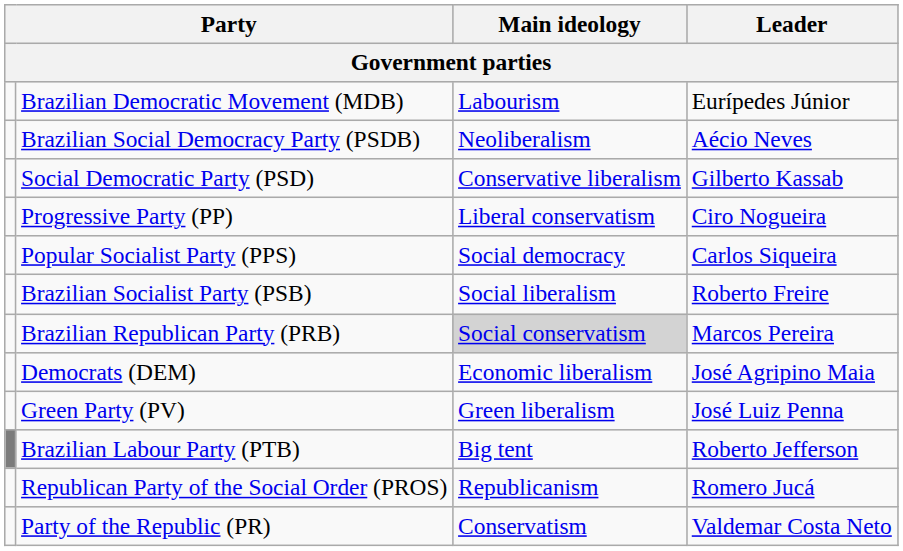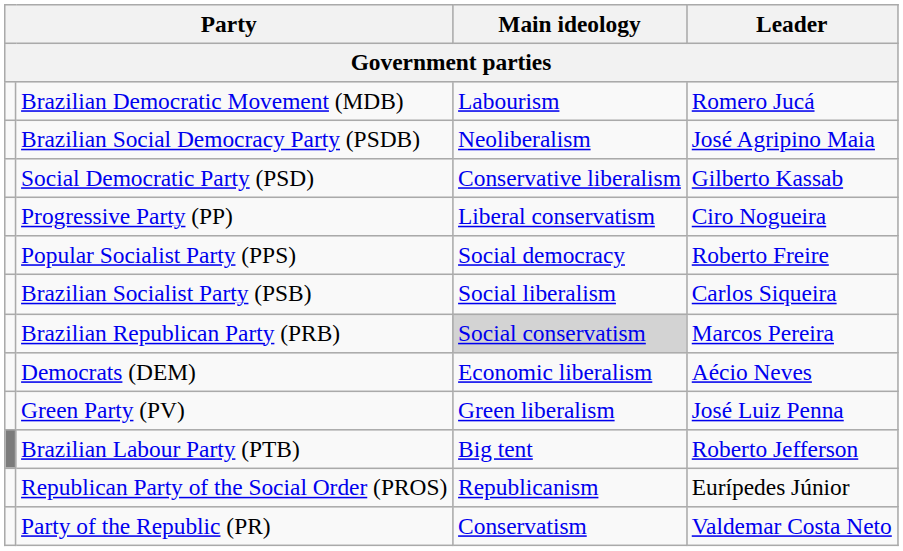 <table class="wikitable" style="font-size:95%">
 <tr>
 <th colspan=2>Party</th>
 <th>Main ideology</th>
 <th>Leader</th>
 </tr>
 <tr>
 <th colspan=5>Government parties</th>
 </tr>
 <tr>
 <td style="color:inherit;background:"></td>
 <td><a href='#'>Brazilian Democratic Movement</a> (MDB)</td>
 <td><a href='#'>Labourism</a></td>
-<td>Eurípedes Júnior</td>
+<td><a href='#'>Romero Jucá</a></td>
 </tr>
 <tr>
 <td style="color:inherit;background:"></td>
 <td><a href='#'>Brazilian Social Democracy Party</a> (PSDB)</td>
 <td><a href='#'>Neoliberalism</a></td>
-<td><a href='#'>Aécio Neves</a></td>
+<td><a href='#'>José Agripino Maia</a></td>
 </tr>
 <tr>
 <td style="color:inherit;background:"></td>
 <td><a href='#'>Social Democratic Party</a> (PSD)</td>
 <td><a href='#'>Conservative liberalism</a></td>
 <td><a href='#'>Gilberto Kassab</a></td>
 </tr>
 <tr>
 <td style="color:inherit;background:"></td>
 <td><a href='#'>Progressive Party</a> (PP)</td>
 <td><a href='#'>Liberal conservatism</a></td>
 <td><a href='#'>Ciro Nogueira</a></td>
 </tr>
 <tr>
 <td style="color:inherit;background:"></td>
 <td><a href='#'>Popular Socialist Party</a> (PPS)</td>
 <td><a href='#'>Social democracy</a></td>
-<td><a href='#'>Carlos Siqueira</a></td>
+<td><a href='#'>Roberto Freire</a></td>
 </tr>
 <tr>
 <td style="color:inherit;background:"></td>
 <td><a href='#'>Brazilian Socialist Party</a> (PSB)</td>
 <td><a href='#'>Social liberalism</a></td>
-<td><a href='#'>Roberto Freire</a></td>
+<td><a href='#'>Carlos Siqueira</a></td>
 </tr>
 <tr>
 <td style="color:inherit;background:"></td>
 <td><a href='#'>Brazilian Republican Party</a> (PRB)</td>
 <td style="background: lightgrey;"><a href='#'>Social conservatism</a></td>
 <td><a href='#'>Marcos Pereira</a></td>
 </tr>
 <tr>
 <td style="color:inherit;background:"></td>
 <td><a href='#'>Democrats</a> (DEM)</td>
 <td><a href='#'>Economic liberalism</a></td>
-<td><a href='#'>José Agripino Maia</a></td>
+<td><a href='#'>Aécio Neves</a></td>
 </tr>
 <tr>
 <td style="color:inherit;background:"></td>
 <td><a href='#'>Green Party</a> (PV)</td>
 <td><a href='#'>Green liberalism</a></td>
 <td><a href='#'>José Luiz Penna</a></td>
 </tr>
 <tr>
 <td style="color:inherit;background:#7B7B7B"></td>
 <td><a href='#'>Brazilian Labour Party</a> (PTB)</td>
 <td><a href='#'>Big tent</a></td>
 <td><a href='#'>Roberto Jefferson</a></td>
 </tr>
 <tr>
 <td style="color:inherit;background:"></td>
 <td><a href='#'>Republican Party of the Social Order</a> (PROS)</td>
 <td><a href='#'>Republicanism</a></td>
-<td><a href='#'>Romero Jucá</a></td>
+<td>Eurípedes Júnior</td>
 </tr>
 <tr>
 <td style="color:inherit;background:"></td>
 <td><a href='#'>Party of the Republic</a> (PR)</td>
 <td><a href='#'>Conservatism</a></td>
 <td><a href='#'>Valdemar Costa Neto</a></td>
 </tr>
 </table>
